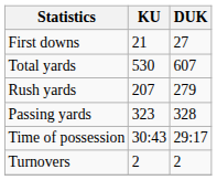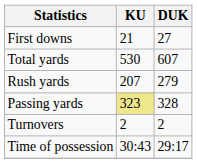 <table class="wikitable" style="float: left;">
 <tr>
 <th>Statistics</th>
 <th>KU</th>
 <th>DUK</th>
 </tr>
 <tr>
 <td>First downs</td>
 <td>21</td>
 <td>27</td>
 </tr>
 <tr>
 <td>Total yards</td>
 <td>530</td>
 <td>607</td>
 </tr>
 <tr>
 <td>Rush yards</td>
 <td>207</td>
 <td>279</td>
 </tr>
 <tr>
 <td>Passing yards</td>
-<td>323</td>
+<td style="background: khaki;">323</td>
 <td>328</td>
+</tr>
+<tr>
+<td>Turnovers</td>
+<td>2</td>
+<td>2</td>
 </tr>
 <tr>
 <td>Time of possession</td>
 <td>30:43</td>
 <td>29:17</td>
 </tr>
 <tr>
-<td>Turnovers</td>
-<td>2</td>
-<td>2</td>
-</tr>
-<tr>
 </tr>
 </table>
